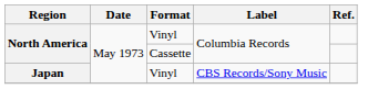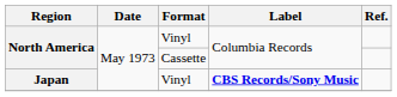 <table class="wikitable plainrowheaders">
 <tr>
 <th scope="col">Region</th>
 <th scope="col">Date</th>
 <th scope="col">Format</th>
 <th scope="col">Label</th>
 <th scope="col">Ref.</th>
 </tr>
 <tr>
 <th scope="row" rowspan="2">North America</th>
 <td rowspan="3">May 1973</td>
 <td>Vinyl</td>
 <td rowspan="2">Columbia Records</td>
 <td></td>
 </tr>
 <tr>
 <td>Cassette</td>
 <td></td>
 </tr>
 <tr>
 <th scope="row">Japan</th>
 <td>Vinyl</td>
-<td><a href='#'>CBS Records/Sony Music</a></td>
+<td><strong><a href='#'>CBS Records/Sony Music</a></strong></td>
 <td></td>
 </tr>
 <tr>
 </tr>
 </table>
